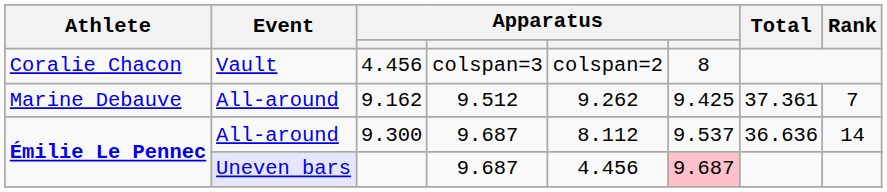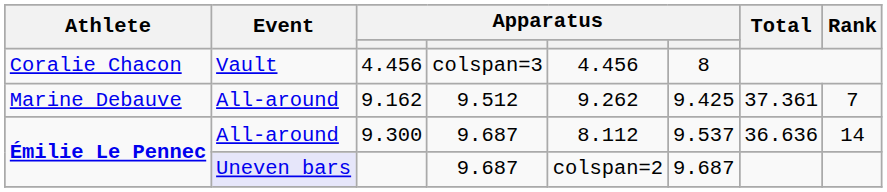 <table class="wikitable" style="font-size:90%">
 <tr>
 <th rowspan=2>Athlete</th>
 <th rowspan=2>Event</th>
 <th colspan =4>Apparatus</th>
 <th rowspan=2>Total</th>
 <th rowspan=2>Rank</th>
 </tr>
 <tr style="font-size:95%">
 <th></th>
 <th></th>
 <th></th>
 <th></th>
 </tr>
 <tr align=center>
 <td align=left><a href='#'>Coralie Chacon</a></td>
 <td align=left><a href='#'>Vault</a></td>
 <td>4.456</td>
 <td>colspan=3 </td>
-<td>colspan=2 </td>
+<td>4.456</td>
 <td>8</td>
 </tr>
 <tr align=center>
 <td align=left><a href='#'>Marine Debauve</a></td>
 <td align=left><a href='#'>All-around</a></td>
 <td>9.162</td>
 <td>9.512</td>
 <td>9.262</td>
 <td>9.425</td>
 <td>37.361</td>
 <td>7</td>
 </tr>
 <tr align=center>
 <td align=left rowspan=2><strong><a href='#'>Émilie Le Pennec</a></strong></td>
 <td align=left><a href='#'>All-around</a></td>
 <td>9.300</td>
 <td>9.687</td>
 <td>8.112</td>
 <td>9.537</td>
 <td>36.636</td>
 <td>14</td>
 </tr>
 <tr align=center>
 <td align=left style="background: lavender;"><a href='#'>Uneven bars</a></td>
 <td></td>
 <td>9.687</td>
-<td>4.456</td>
-<td style="background: pink;">9.687</td>
+<td>colspan=2 </td>
+<td>9.687</td>
 <td></td>
 </tr>
 </table>
